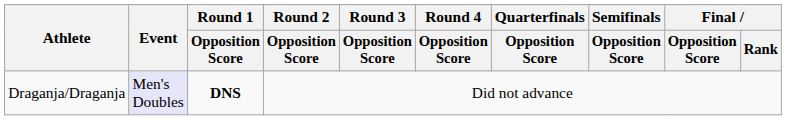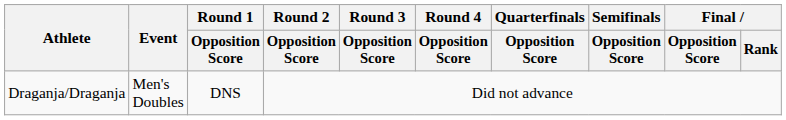 <table class=wikitable style="font-size:90%">
 <tr>
 <th rowspan="2">Athlete</th>
 <th rowspan="2">Event</th>
 <th>Round 1</th>
 <th>Round 2</th>
 <th>Round 3</th>
 <th>Round 4</th>
 <th>Quarterfinals</th>
 <th>Semifinals</th>
 <th colspan=2>Final / </th>
 </tr>
 <tr style="font-size:95%">
 <th>Opposition<br>Score</th>
 <th>Opposition<br>Score</th>
 <th>Opposition<br>Score</th>
 <th>Opposition<br>Score</th>
 <th>Opposition<br>Score</th>
 <th>Opposition<br>Score</th>
 <th>Opposition<br>Score</th>
 <th>Rank</th>
 </tr>
 <tr align=center>
 <td align=left>Draganja/Draganja</td>
-<td align=left style="background: lavender;">Men's Doubles</td>
-<td><strong>DNS</strong></td>
+<td align=left>Men's Doubles</td>
+<td>DNS</td>
 <td colspan=7>Did not advance</td>
 </tr>
 </table>
